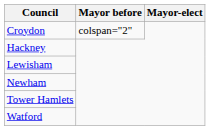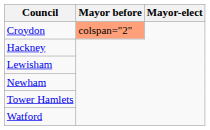 <table class="wikitable">
 <tr>
 <th scope="col">Council</th>
 <th colspan="2">Mayor before</th>
 <th colspan="2">Mayor-elect</th>
 </tr>
 <tr>
 <td><a href='#'>Croydon</a></td>
-<td>colspan="2" <br></td>
+<td style="background: lightsalmon;">colspan="2" <br></td>
 </tr>
 <tr>
 <td><a href='#'>Hackney</a><br> </td>
 </tr>
 <tr>
 <td><a href='#'>Lewisham</a><br> </td>
 </tr>
 <tr>
 <td><a href='#'>Newham</a><br> </td>
 </tr>
 <tr>
 <td><a href='#'>Tower Hamlets</a><br> </td>
 </tr>
 <tr>
 <td><a href='#'>Watford</a><br> </td>
 </tr>
 </table>
